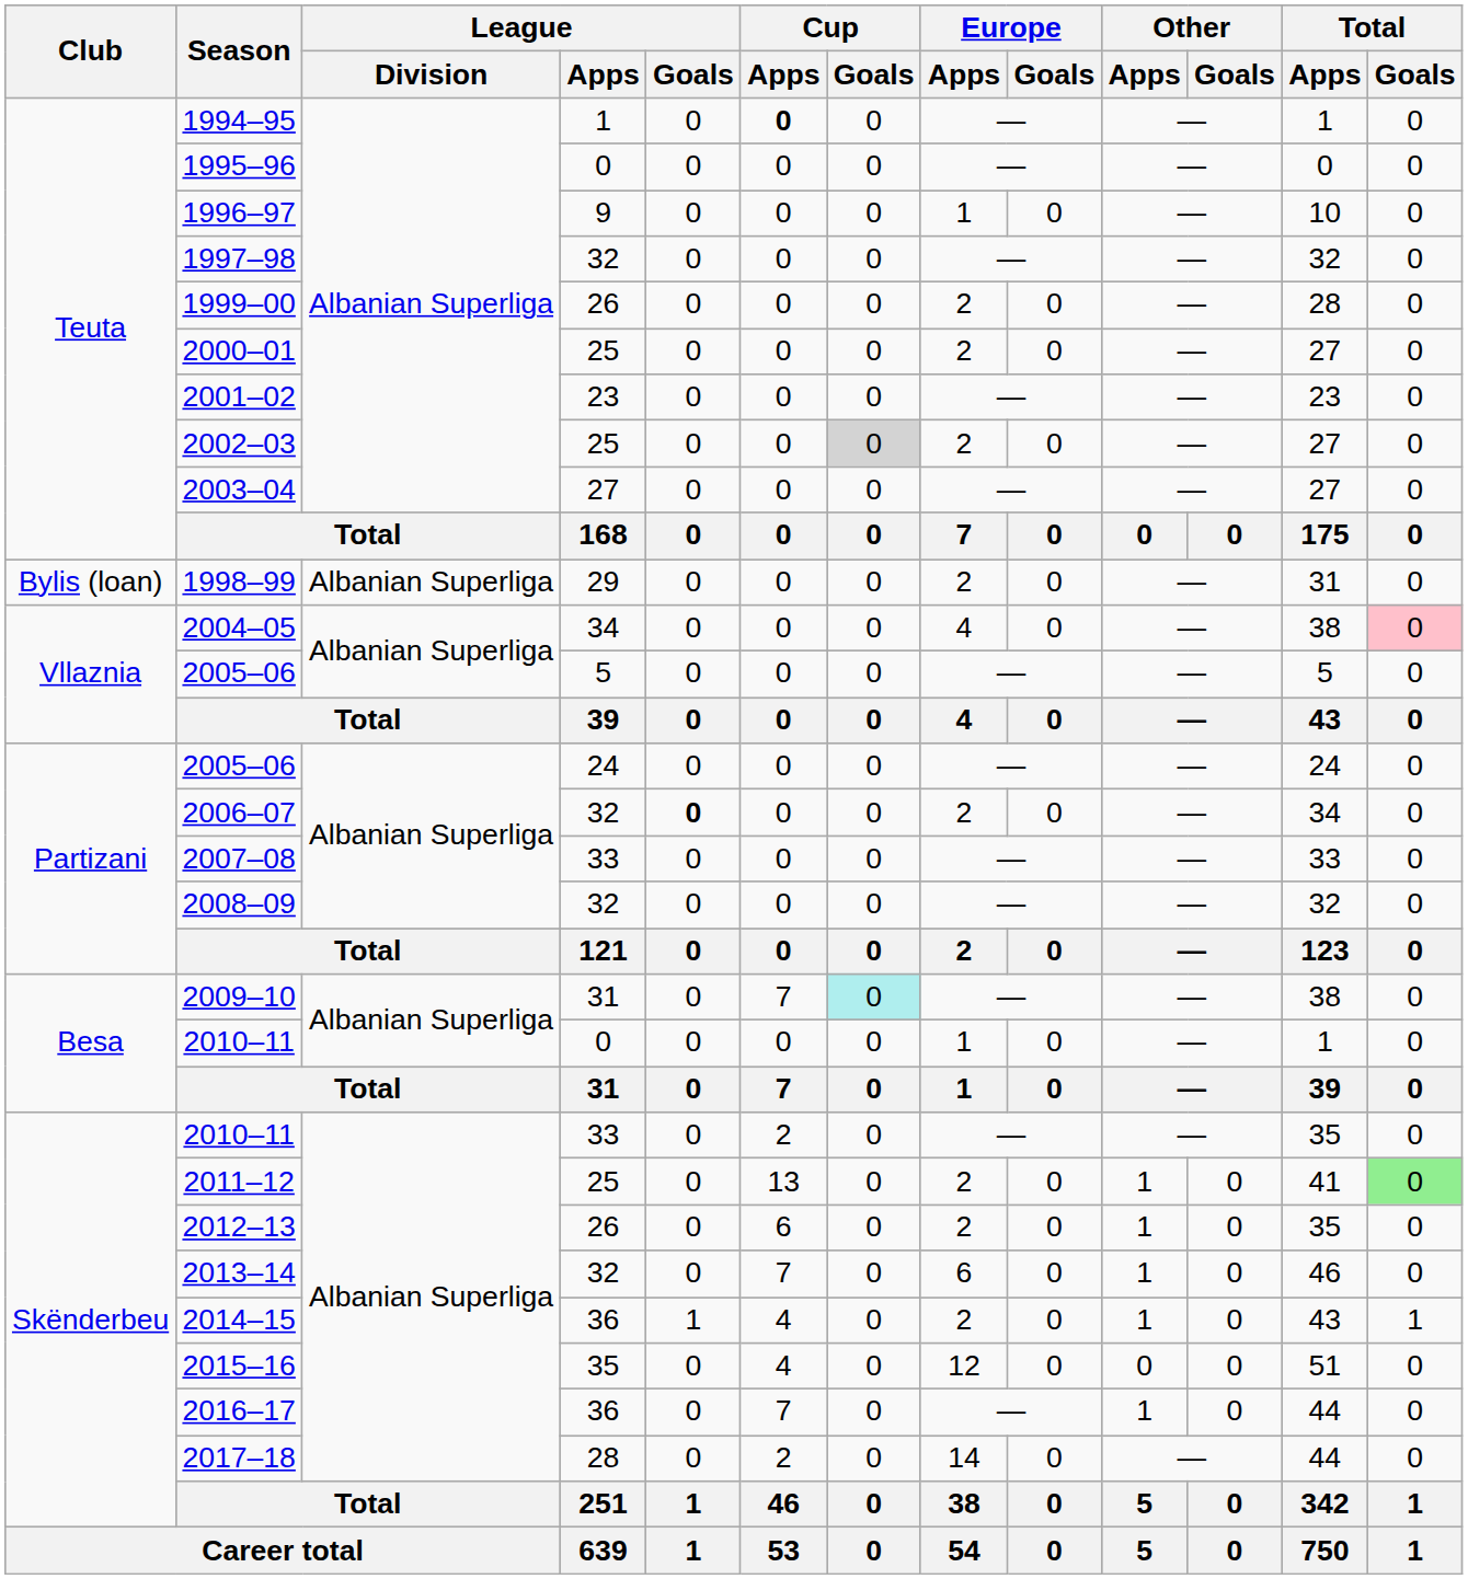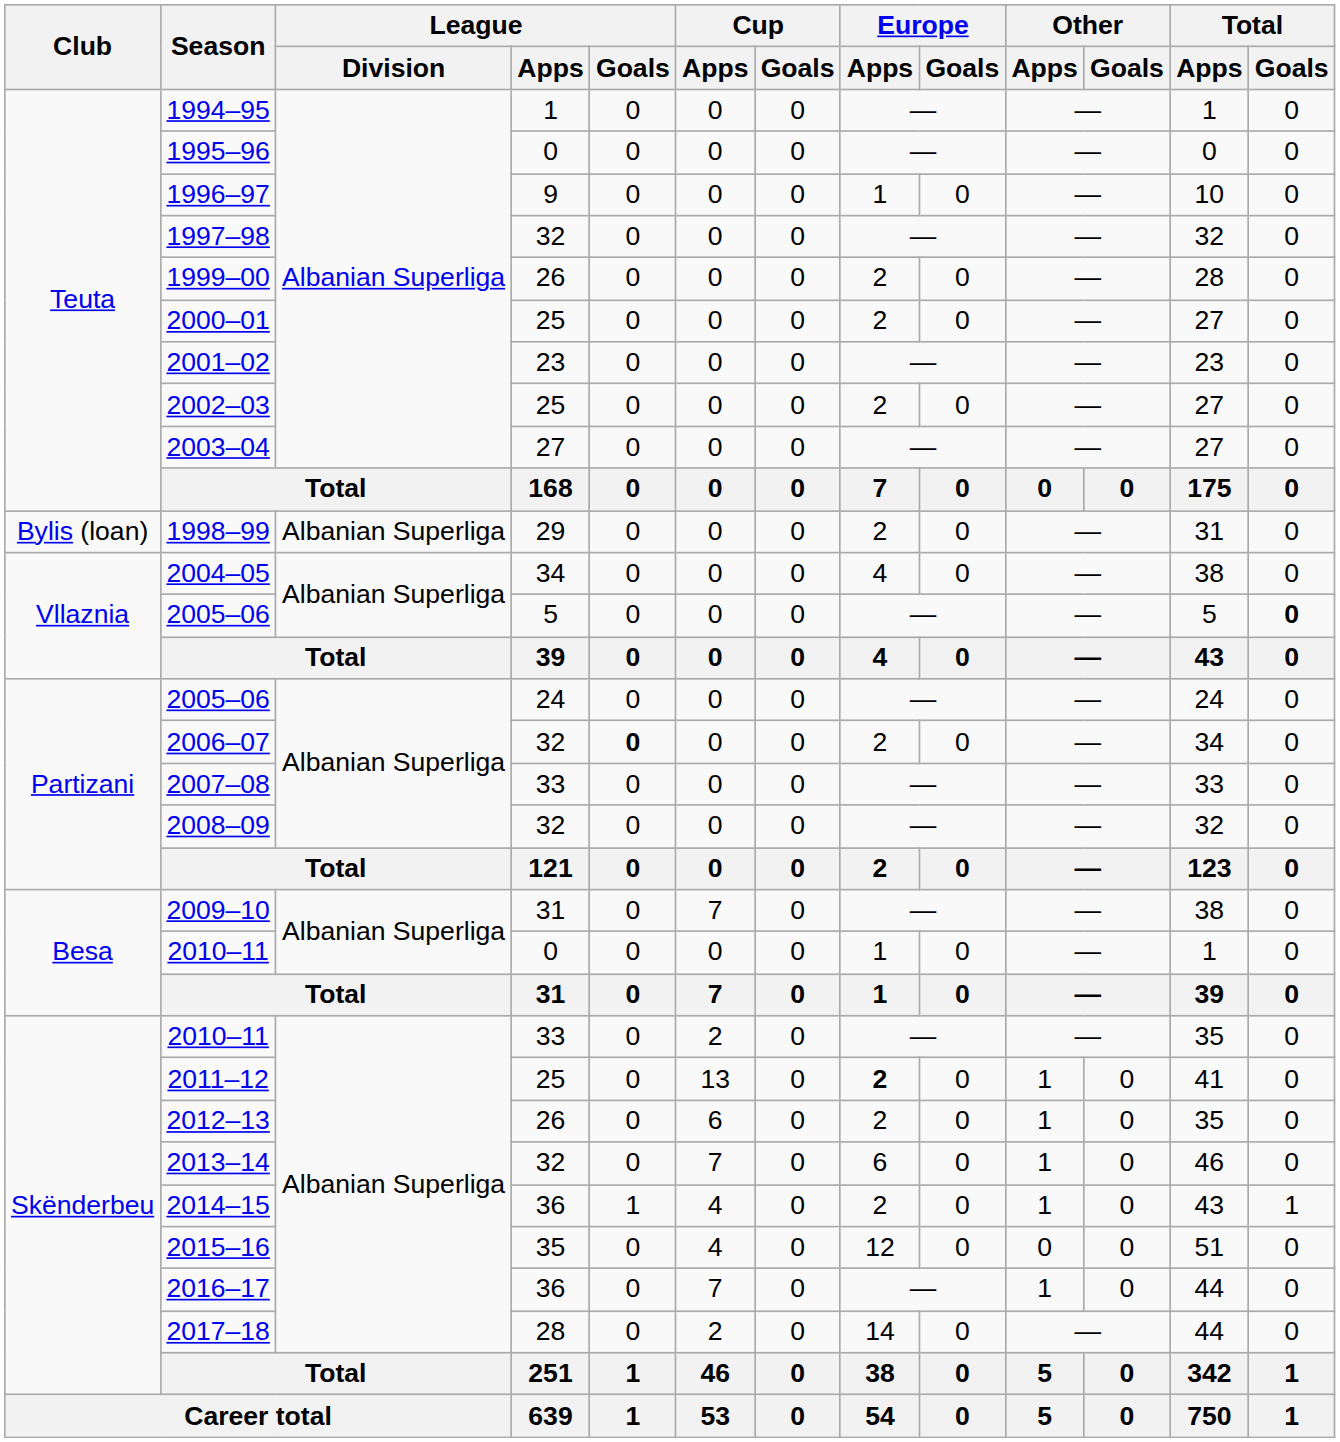 <table class="wikitable" style="text-align:center">
 <tr>
 <th rowspan="2">Club</th>
 <th rowspan="2">Season</th>
 <th colspan="3">League</th>
 <th colspan="2">Cup</th>
 <th colspan="2"><a href='#'>Europe</a></th>
 <th colspan="2">Other</th>
 <th colspan="2">Total</th>
 </tr>
 <tr>
 <th>Division</th>
 <th>Apps</th>
 <th>Goals</th>
 <th>Apps</th>
 <th>Goals</th>
 <th>Apps</th>
 <th>Goals</th>
 <th>Apps</th>
 <th>Goals</th>
 <th>Apps</th>
 <th>Goals</th>
 </tr>
 <tr>
 <td rowspan="10"><a href='#'>Teuta</a></td>
 <td><a href='#'>1994–95</a></td>
 <td rowspan="9"><a href='#'>Albanian Superliga</a></td>
 <td>1</td>
 <td>0</td>
-<td><strong>0</strong></td>
+<td>0</td>
 <td>0</td>
 <td colspan="2">—</td>
 <td colspan="2">—</td>
 <td>1</td>
 <td>0</td>
 </tr>
 <tr>
 <td><a href='#'>1995–96</a></td>
 <td>0</td>
 <td>0</td>
 <td>0</td>
 <td>0</td>
 <td colspan="2">—</td>
 <td colspan="2">—</td>
 <td>0</td>
 <td>0</td>
 </tr>
 <tr>
 <td><a href='#'>1996–97</a></td>
 <td>9</td>
 <td>0</td>
 <td>0</td>
 <td>0</td>
 <td>1</td>
 <td>0</td>
 <td colspan="2">—</td>
 <td>10</td>
 <td>0</td>
 </tr>
 <tr>
 <td><a href='#'>1997–98</a></td>
 <td>32</td>
 <td>0</td>
 <td>0</td>
 <td>0</td>
 <td colspan="2">—</td>
 <td colspan="2">—</td>
 <td>32</td>
 <td>0</td>
 </tr>
 <tr>
 <td><a href='#'>1999–00</a></td>
 <td>26</td>
 <td>0</td>
 <td>0</td>
 <td>0</td>
 <td>2</td>
 <td>0</td>
 <td colspan="2">—</td>
 <td>28</td>
 <td>0</td>
 </tr>
 <tr>
 <td><a href='#'>2000–01</a></td>
 <td>25</td>
 <td>0</td>
 <td>0</td>
 <td>0</td>
 <td>2</td>
 <td>0</td>
 <td colspan="2">—</td>
 <td>27</td>
 <td>0</td>
 </tr>
 <tr>
 <td><a href='#'>2001–02</a></td>
 <td>23</td>
 <td>0</td>
 <td>0</td>
 <td>0</td>
 <td colspan="2">—</td>
 <td colspan="2">—</td>
 <td>23</td>
 <td>0</td>
 </tr>
 <tr>
 <td><a href='#'>2002–03</a></td>
 <td>25</td>
 <td>0</td>
 <td>0</td>
-<td style="background: lightgrey;">0</td>
+<td>0</td>
 <td>2</td>
 <td>0</td>
 <td colspan="2">—</td>
 <td>27</td>
 <td>0</td>
 </tr>
 <tr>
 <td><a href='#'>2003–04</a></td>
 <td>27</td>
 <td>0</td>
 <td>0</td>
 <td>0</td>
 <td colspan="2">—</td>
 <td colspan="2">—</td>
 <td>27</td>
 <td>0</td>
 </tr>
 <tr>
 <th colspan="2">Total</th>
 <th>168</th>
 <th>0</th>
 <th>0</th>
 <th>0</th>
 <th>7</th>
 <th>0</th>
 <th>0</th>
 <th>0</th>
 <th>175</th>
 <th>0</th>
 </tr>
 <tr>
 <td><a href='#'>Bylis</a> (loan)</td>
 <td><a href='#'>1998–99</a></td>
 <td>Albanian Superliga</td>
 <td>29</td>
 <td>0</td>
 <td>0</td>
 <td>0</td>
 <td>2</td>
 <td>0</td>
 <td colspan="2">—</td>
 <td>31</td>
 <td>0</td>
 </tr>
 <tr>
 <td rowspan="3"><a href='#'>Vllaznia</a></td>
 <td><a href='#'>2004–05</a></td>
 <td rowspan="2">Albanian Superliga</td>
 <td>34</td>
 <td>0</td>
 <td>0</td>
 <td>0</td>
 <td>4</td>
 <td>0</td>
 <td colspan="2">—</td>
 <td>38</td>
-<td style="background: pink;">0</td>
+<td>0</td>
 </tr>
 <tr>
 <td><a href='#'>2005–06</a></td>
 <td>5</td>
 <td>0</td>
 <td>0</td>
 <td>0</td>
 <td colspan="2">—</td>
 <td colspan="2">—</td>
 <td>5</td>
-<td>0</td>
+<td><strong>0</strong></td>
 </tr>
 <tr>
 <th colspan="2">Total</th>
 <th>39</th>
 <th>0</th>
 <th>0</th>
 <th>0</th>
 <th>4</th>
 <th>0</th>
 <th colspan="2">—</th>
 <th>43</th>
 <th>0</th>
 </tr>
 <tr>
 <td rowspan="5"><a href='#'>Partizani</a></td>
 <td><a href='#'>2005–06</a></td>
 <td rowspan="4">Albanian Superliga</td>
 <td>24</td>
 <td>0</td>
 <td>0</td>
 <td>0</td>
 <td colspan="2">—</td>
 <td colspan="2">—</td>
 <td>24</td>
 <td>0</td>
 </tr>
 <tr>
 <td><a href='#'>2006–07</a></td>
 <td>32</td>
 <td><strong>0</strong></td>
 <td>0</td>
 <td>0</td>
 <td>2</td>
 <td>0</td>
 <td colspan="2">—</td>
 <td>34</td>
 <td>0</td>
 </tr>
 <tr>
 <td><a href='#'>2007–08</a></td>
 <td>33</td>
 <td>0</td>
 <td>0</td>
 <td>0</td>
 <td colspan="2">—</td>
 <td colspan="2">—</td>
 <td>33</td>
 <td>0</td>
 </tr>
 <tr>
 <td><a href='#'>2008–09</a></td>
 <td>32</td>
 <td>0</td>
 <td>0</td>
 <td>0</td>
 <td colspan="2">—</td>
 <td colspan="2">—</td>
 <td>32</td>
 <td>0</td>
 </tr>
 <tr>
 <th colspan="2">Total</th>
 <th>121</th>
 <th>0</th>
 <th>0</th>
 <th>0</th>
 <th>2</th>
 <th>0</th>
 <th colspan="2">—</th>
 <th>123</th>
 <th>0</th>
 </tr>
 <tr>
 <td rowspan="3"><a href='#'>Besa</a></td>
 <td><a href='#'>2009–10</a></td>
 <td rowspan="2">Albanian Superliga</td>
 <td>31</td>
 <td>0</td>
 <td>7</td>
-<td style="background: paleturquoise;">0</td>
+<td>0</td>
 <td colspan="2">—</td>
 <td colspan="2">—</td>
 <td>38</td>
 <td>0</td>
 </tr>
 <tr>
 <td><a href='#'>2010–11</a></td>
 <td>0</td>
 <td>0</td>
 <td>0</td>
 <td>0</td>
 <td>1</td>
 <td>0</td>
 <td colspan="2">—</td>
 <td>1</td>
 <td>0</td>
 </tr>
 <tr>
 <th colspan="2">Total</th>
 <th>31</th>
 <th>0</th>
 <th>7</th>
 <th>0</th>
 <th>1</th>
 <th>0</th>
 <th colspan="2">—</th>
 <th>39</th>
 <th>0</th>
 </tr>
 <tr>
 <td rowspan="9"><a href='#'>Skënderbeu</a></td>
 <td><a href='#'>2010–11</a></td>
 <td rowspan="8">Albanian Superliga</td>
 <td>33</td>
 <td>0</td>
 <td>2</td>
 <td>0</td>
 <td colspan="2">—</td>
 <td colspan="2">—</td>
 <td>35</td>
 <td>0</td>
 </tr>
 <tr>
 <td><a href='#'>2011–12</a></td>
 <td>25</td>
 <td>0</td>
 <td>13</td>
 <td>0</td>
-<td>2</td>
+<td><strong>2</strong></td>
 <td>0</td>
 <td>1</td>
 <td>0</td>
 <td>41</td>
-<td style="background: lightgreen;">0</td>
+<td>0</td>
 </tr>
 <tr>
 <td><a href='#'>2012–13</a></td>
 <td>26</td>
 <td>0</td>
 <td>6</td>
 <td>0</td>
 <td>2</td>
 <td>0</td>
 <td>1</td>
 <td>0</td>
 <td>35</td>
 <td>0</td>
 </tr>
 <tr>
 <td><a href='#'>2013–14</a></td>
 <td>32</td>
 <td>0</td>
 <td>7</td>
 <td>0</td>
 <td>6</td>
 <td>0</td>
 <td>1</td>
 <td>0</td>
 <td>46</td>
 <td>0</td>
 </tr>
 <tr>
 <td><a href='#'>2014–15</a></td>
 <td>36</td>
 <td>1</td>
 <td>4</td>
 <td>0</td>
 <td>2</td>
 <td>0</td>
 <td>1</td>
 <td>0</td>
 <td>43</td>
 <td>1</td>
 </tr>
 <tr>
 <td><a href='#'>2015–16</a></td>
 <td>35</td>
 <td>0</td>
 <td>4</td>
 <td>0</td>
 <td>12</td>
 <td>0</td>
 <td>0</td>
 <td>0</td>
 <td>51</td>
 <td>0</td>
 </tr>
 <tr>
 <td><a href='#'>2016–17</a></td>
 <td>36</td>
 <td>0</td>
 <td>7</td>
 <td>0</td>
 <td colspan="2">—</td>
 <td>1</td>
 <td>0</td>
 <td>44</td>
 <td>0</td>
 </tr>
 <tr>
 <td><a href='#'>2017–18</a></td>
 <td>28</td>
 <td>0</td>
 <td>2</td>
 <td>0</td>
 <td>14</td>
 <td>0</td>
 <td colspan="2">—</td>
 <td>44</td>
 <td>0</td>
 </tr>
 <tr>
 <th colspan="2">Total</th>
 <th>251</th>
 <th>1</th>
 <th>46</th>
 <th>0</th>
 <th>38</th>
 <th>0</th>
 <th>5</th>
 <th>0</th>
 <th>342</th>
 <th>1</th>
 </tr>
 <tr>
 <th colspan="3">Career total</th>
 <th>639</th>
 <th>1</th>
 <th>53</th>
 <th>0</th>
 <th>54</th>
 <th>0</th>
 <th>5</th>
 <th>0</th>
 <th>750</th>
 <th>1</th>
 </tr>
 </table>
